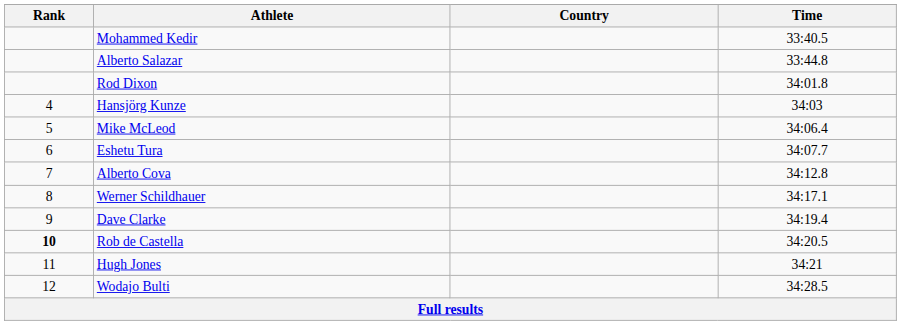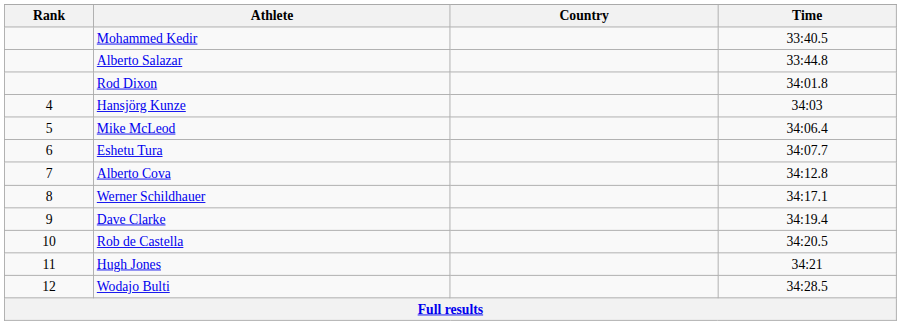 <table class="wikitable sortable" style=" text-align:center; font-size:95%;" width="50%">
 <tr>
 </tr>
 <tr>
 <th width=5%>Rank</th>
 <th width=20%>Athlete</th>
 <th width=15%>Country</th>
 <th width=10%>Time</th>
 </tr>
 <tr>
 <td align=center></td>
 <td align=left><a href='#'>Mohammed Kedir</a></td>
 <td align=left></td>
 <td>33:40.5</td>
 </tr>
 <tr>
 <td align=center></td>
 <td align=left><a href='#'>Alberto Salazar</a></td>
 <td align=left></td>
 <td>33:44.8</td>
 </tr>
 <tr>
 <td align=center></td>
 <td align=left><a href='#'>Rod Dixon</a></td>
 <td align=left></td>
 <td>34:01.8</td>
 </tr>
 <tr>
 <td align=center>4</td>
 <td align=left><a href='#'>Hansjörg Kunze</a></td>
 <td align=left></td>
 <td>34:03</td>
 </tr>
 <tr>
 <td align=center>5</td>
 <td align=left><a href='#'>Mike McLeod</a></td>
 <td align=left></td>
 <td>34:06.4</td>
 </tr>
 <tr>
 <td align=center>6</td>
 <td align=left><a href='#'>Eshetu Tura</a></td>
 <td align=left></td>
 <td>34:07.7</td>
 </tr>
 <tr>
 <td align=center>7</td>
 <td align=left><a href='#'>Alberto Cova</a></td>
 <td align=left></td>
 <td>34:12.8</td>
 </tr>
 <tr>
 <td align=center>8</td>
 <td align=left><a href='#'>Werner Schildhauer</a></td>
 <td align=left></td>
 <td>34:17.1</td>
 </tr>
 <tr>
 <td align=center>9</td>
 <td align=left><a href='#'>Dave Clarke</a></td>
 <td align=left></td>
 <td>34:19.4</td>
 </tr>
 <tr>
-<td align=center><strong>10</strong></td>
+<td align=center>10</td>
 <td align=left><a href='#'>Rob de Castella</a></td>
 <td align=left></td>
 <td>34:20.5</td>
 </tr>
 <tr>
 <td align=center>11</td>
 <td align=left><a href='#'>Hugh Jones</a></td>
 <td align=left></td>
 <td>34:21</td>
 </tr>
 <tr>
 <td align=center>12</td>
 <td align=left><a href='#'>Wodajo Bulti</a></td>
 <td align=left></td>
 <td>34:28.5</td>
 </tr>
 <tr class="sortbottom">
 <th colspan=4 align=center><a href='#'>Full results</a></th>
 </tr>
 </table>
